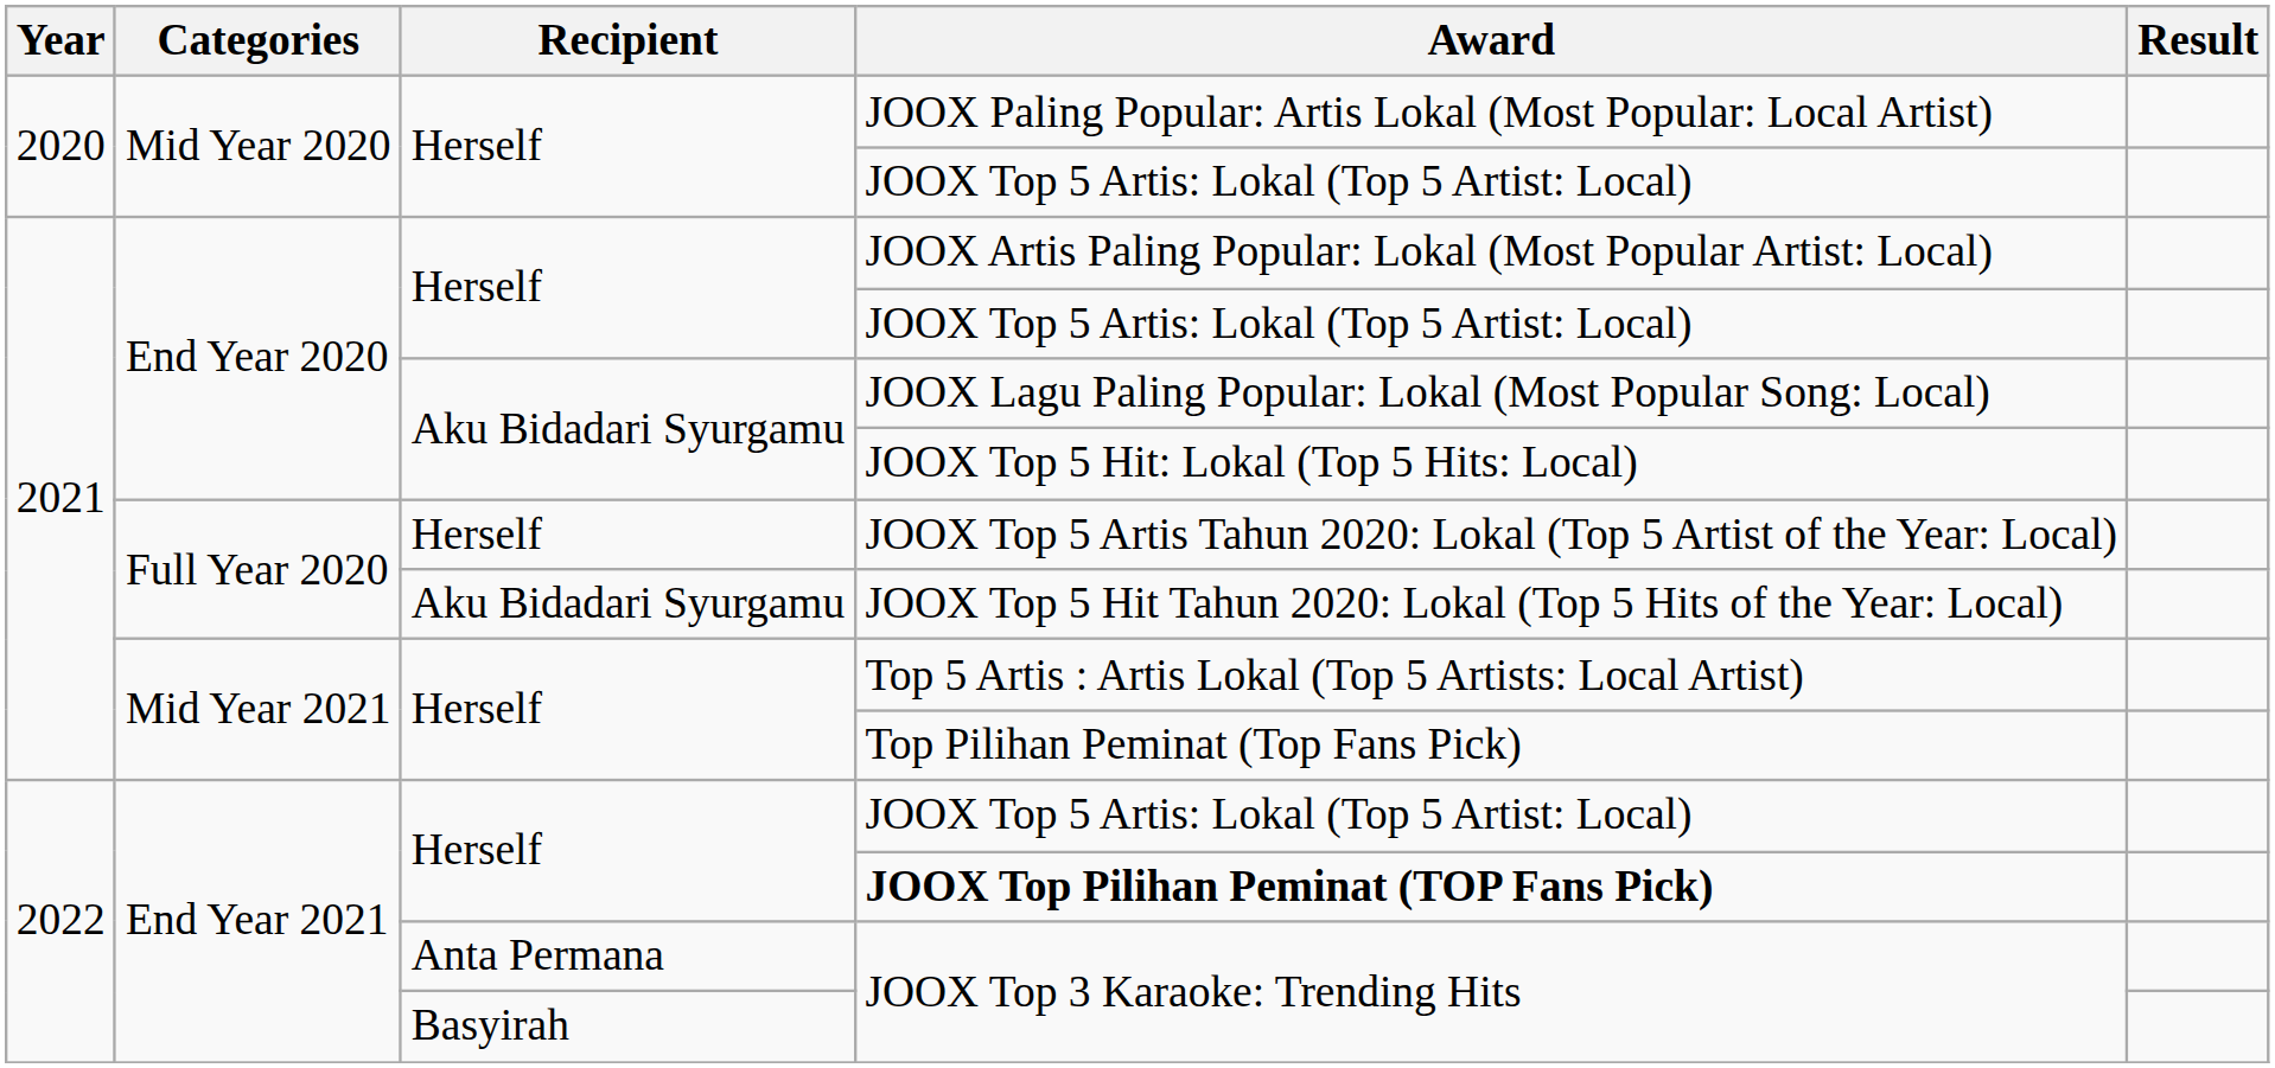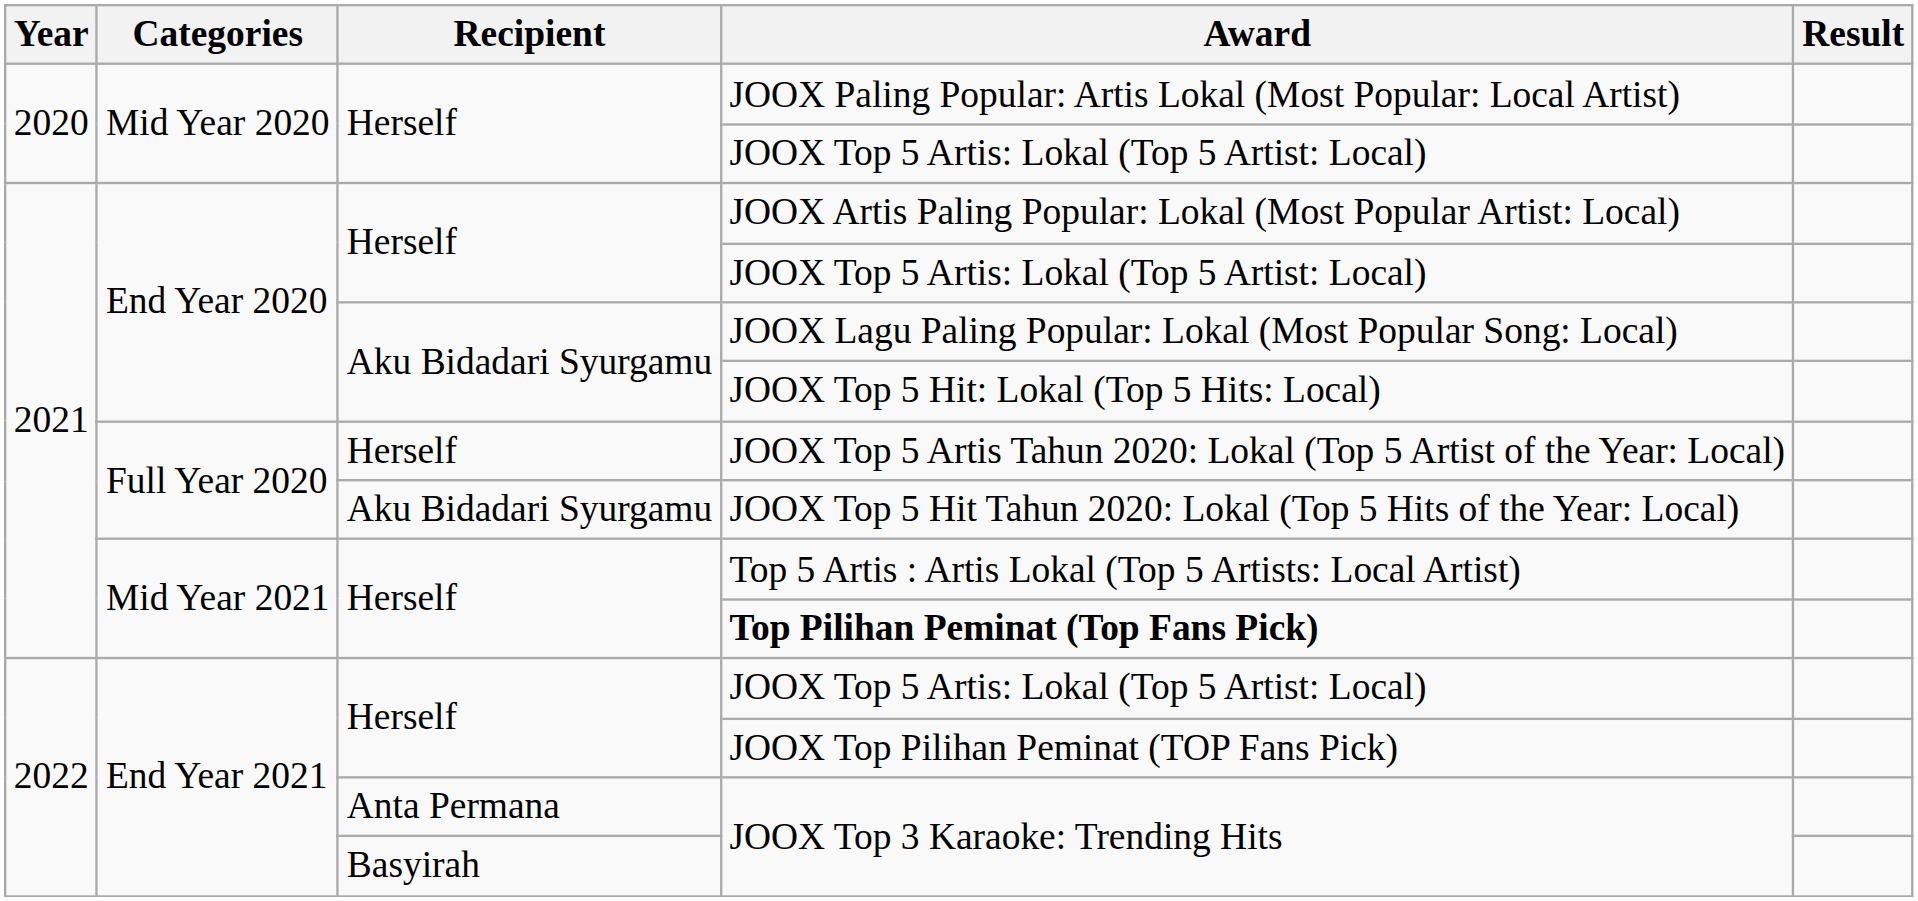 <table class="wikitable">
 <tr>
 <th>Year</th>
 <th>Categories</th>
 <th>Recipient</th>
 <th>Award</th>
 <th>Result</th>
 </tr>
 <tr>
 <td rowspan="2">2020</td>
 <td rowspan="2">Mid Year 2020</td>
 <td rowspan="2">Herself</td>
 <td>JOOX Paling Popular: Artis Lokal (Most Popular: Local Artist)</td>
 <td></td>
 </tr>
 <tr>
 <td>JOOX Top 5 Artis: Lokal (Top 5 Artist: Local)</td>
 <td></td>
 </tr>
 <tr>
 <td rowspan="8">2021</td>
 <td rowspan="4">End Year 2020</td>
 <td rowspan="2">Herself</td>
 <td>JOOX Artis Paling Popular: Lokal (Most Popular Artist: Local)</td>
 <td></td>
 </tr>
 <tr>
 <td>JOOX Top 5 Artis: Lokal (Top 5 Artist: Local)</td>
 <td></td>
 </tr>
 <tr>
 <td rowspan="2">Aku Bidadari Syurgamu</td>
 <td>JOOX Lagu Paling Popular: Lokal (Most Popular Song: Local)</td>
 <td></td>
 </tr>
 <tr>
 <td>JOOX Top 5 Hit: Lokal (Top 5 Hits: Local)</td>
 <td></td>
 </tr>
 <tr>
 <td rowspan="2">Full Year 2020</td>
 <td rowspan="1">Herself</td>
 <td>JOOX Top 5 Artis Tahun 2020: Lokal (Top 5 Artist of the Year: Local)</td>
 <td></td>
 </tr>
 <tr>
 <td rowspan="1">Aku Bidadari Syurgamu</td>
 <td>JOOX Top 5 Hit Tahun 2020: Lokal (Top 5 Hits of the Year: Local)</td>
 <td></td>
 </tr>
 <tr>
 <td rowspan="2">Mid Year 2021</td>
 <td rowspan="2">Herself</td>
 <td>Top 5 Artis : Artis Lokal (Top 5 Artists: Local Artist)</td>
 <td></td>
 </tr>
 <tr>
-<td>Top Pilihan Peminat (Top Fans Pick)</td>
+<td><strong>Top Pilihan Peminat (Top Fans Pick)</strong></td>
 <td></td>
 </tr>
 <tr>
 <td rowspan="4">2022</td>
 <td rowspan="4">End Year 2021</td>
 <td rowspan="2">Herself</td>
 <td>JOOX Top 5 Artis: Lokal (Top 5 Artist: Local)</td>
 <td></td>
 </tr>
 <tr>
-<td><strong>JOOX Top Pilihan Peminat (TOP Fans Pick)</strong></td>
+<td>JOOX Top Pilihan Peminat (TOP Fans Pick)</td>
 <td></td>
 </tr>
 <tr>
 <td rowspan="1">Anta Permana</td>
 <td rowspan="2">JOOX Top 3 Karaoke: Trending Hits</td>
 <td></td>
 </tr>
 <tr>
 <td rowspan="1">Basyirah</td>
 <td></td>
 </tr>
 <tr>
 </tr>
 </table>
